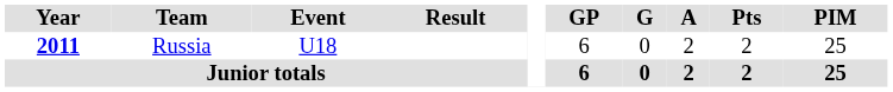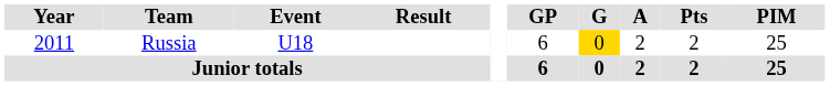 <table border="0" cellpadding="1" cellspacing="0" style="text-align:center; width:40em;">
 <tr style="background:#e0e0e0;">
 <th>Year</th>
 <th>Team</th>
 <th>Event</th>
 <th>Result</th>
 <th rowspan="99" style="background:#fff;"> </th>
 <th>GP</th>
 <th>G</th>
 <th>A</th>
 <th>Pts</th>
 <th>PIM</th>
 </tr>
 <tr>
-<td><strong><a href='#'>2011</a></strong></td>
+<td><a href='#'>2011</a></td>
 <td><a href='#'>Russia</a></td>
 <td><a href='#'>U18</a></td>
 <td></td>
 <td>6</td>
-<td>0</td>
+<td style="background: gold;">0</td>
 <td>2</td>
 <td>2</td>
 <td>25</td>
 </tr>
 <tr style="background:#e0e0e0;">
 <th colspan="4">Junior totals</th>
 <th>6</th>
 <th>0</th>
 <th>2</th>
 <th>2</th>
 <th>25</th>
 </tr>
 </table>
